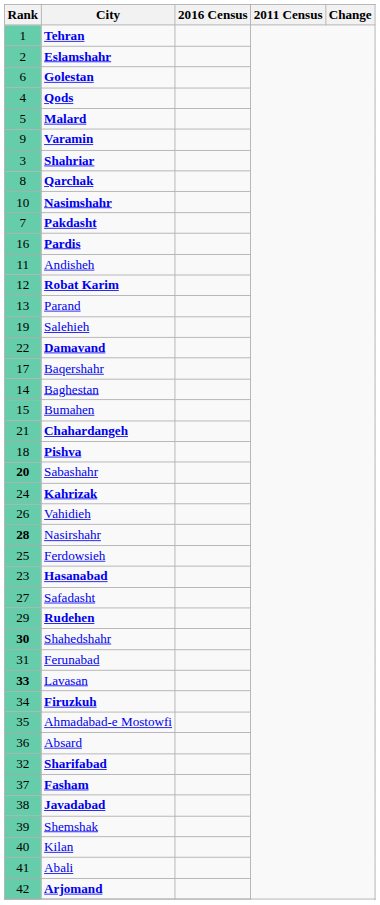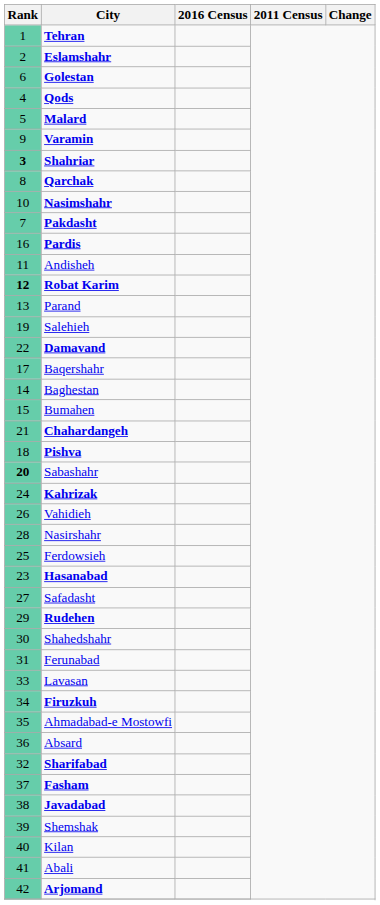 <table class="wikitable sortable">
 <tr>
 <th>Rank</th>
 <th>City</th>
 <th>2016 Census</th>
 <th>2011 Census</th>
 <th>Change</th>
 </tr>
 <tr>
 <td align=center bgcolor="66CDAA">1</td>
 <td><strong><a href='#'>Tehran</a></strong></td>
 <td></td>
 </tr>
 <tr>
 <td align=center bgcolor="66CDAA">2</td>
 <td><strong><a href='#'>Eslamshahr</a></strong></td>
 <td></td>
 </tr>
 <tr>
 <td align=center bgcolor="66CDAA">6</td>
 <td><strong><a href='#'>Golestan</a></strong></td>
 <td></td>
 </tr>
 <tr>
 <td align=center bgcolor="66CDAA">4</td>
 <td><strong><a href='#'>Qods</a></strong></td>
 <td></td>
 </tr>
 <tr>
 <td align=center bgcolor="66CDAA">5</td>
 <td><strong><a href='#'>Malard</a></strong></td>
 <td></td>
 </tr>
 <tr>
 <td align=center bgcolor="66CDAA">9</td>
 <td><strong><a href='#'>Varamin</a></strong></td>
 <td></td>
 </tr>
 <tr>
-<td align=center bgcolor="66CDAA">3</td>
+<td align=center bgcolor="66CDAA"><strong>3</strong></td>
 <td><strong><a href='#'>Shahriar</a></strong></td>
 <td></td>
 </tr>
 <tr>
 <td align=center bgcolor="66CDAA">8</td>
 <td><strong><a href='#'>Qarchak</a></strong></td>
 <td></td>
 </tr>
 <tr>
 <td align=center bgcolor="66CDAA">10</td>
 <td><strong><a href='#'>Nasimshahr</a></strong></td>
 <td></td>
 </tr>
 <tr>
 <td align=center bgcolor="66CDAA">7</td>
 <td><strong><a href='#'>Pakdasht</a></strong></td>
 <td></td>
 </tr>
 <tr>
 <td align=center bgcolor="66CDAA">16</td>
 <td><strong><a href='#'>Pardis</a></strong></td>
 <td></td>
 </tr>
 <tr>
 <td align=center bgcolor="66CDAA">11</td>
 <td><a href='#'>Andisheh</a></td>
 <td></td>
 </tr>
 <tr>
-<td align=center bgcolor="66CDAA">12</td>
+<td align=center bgcolor="66CDAA"><strong>12</strong></td>
 <td><strong><a href='#'>Robat Karim</a></strong></td>
 <td></td>
 </tr>
 <tr>
 <td align=center bgcolor="66CDAA">13</td>
 <td><a href='#'>Parand</a></td>
 <td></td>
 </tr>
 <tr>
 <td align=center bgcolor="66CDAA">19</td>
 <td><a href='#'>Salehieh</a></td>
 <td></td>
 </tr>
 <tr>
 <td align=center bgcolor="66CDAA">22</td>
 <td><strong><a href='#'>Damavand</a></strong></td>
 <td></td>
 </tr>
 <tr>
 <td align=center bgcolor="66CDAA">17</td>
 <td><a href='#'>Baqershahr</a></td>
 <td></td>
 </tr>
 <tr>
 <td align=center bgcolor="66CDAA">14</td>
 <td><a href='#'>Baghestan</a></td>
 <td></td>
 </tr>
 <tr>
 <td align=center bgcolor="66CDAA">15</td>
 <td><a href='#'>Bumahen</a></td>
 <td></td>
 </tr>
 <tr>
 <td align=center bgcolor="66CDAA">21</td>
 <td><strong><a href='#'>Chahardangeh</a></strong></td>
 <td></td>
 </tr>
 <tr>
 <td align=center bgcolor="66CDAA">18</td>
 <td><strong><a href='#'>Pishva</a></strong></td>
 <td></td>
 </tr>
 <tr>
 <td align=center bgcolor="66CDAA"><strong>20</strong></td>
 <td><a href='#'>Sabashahr</a></td>
 <td></td>
 </tr>
 <tr>
 <td align=center bgcolor="66CDAA">24</td>
 <td><strong><a href='#'>Kahrizak</a></strong></td>
 <td></td>
 </tr>
 <tr>
 <td align=center bgcolor="66CDAA">26</td>
 <td><a href='#'>Vahidieh</a></td>
 <td></td>
 </tr>
 <tr>
-<td align=center bgcolor="66CDAA"><strong>28</strong></td>
+<td align=center bgcolor="66CDAA">28</td>
 <td><a href='#'>Nasirshahr</a></td>
 <td></td>
 </tr>
 <tr>
 <td align=center bgcolor="66CDAA">25</td>
 <td><a href='#'>Ferdowsieh</a></td>
 <td></td>
 </tr>
 <tr>
 <td align=center bgcolor="66CDAA">23</td>
 <td><strong><a href='#'>Hasanabad</a></strong></td>
 <td></td>
 </tr>
 <tr>
 <td align=center bgcolor="66CDAA">27</td>
 <td><a href='#'>Safadasht</a></td>
 <td></td>
 </tr>
 <tr>
 <td align=center bgcolor="66CDAA">29</td>
 <td><strong><a href='#'>Rudehen</a></strong></td>
 <td></td>
 </tr>
 <tr>
-<td align=center bgcolor="66CDAA"><strong>30</strong></td>
+<td align=center bgcolor="66CDAA">30</td>
 <td><a href='#'>Shahedshahr</a></td>
 <td></td>
 </tr>
 <tr>
 <td align=center bgcolor="66CDAA">31</td>
 <td><a href='#'>Ferunabad</a></td>
 <td></td>
 </tr>
 <tr>
-<td align=center bgcolor="66CDAA"><strong>33</strong></td>
+<td align=center bgcolor="66CDAA">33</td>
 <td><a href='#'>Lavasan</a></td>
 <td></td>
 </tr>
 <tr>
 <td align=center bgcolor="66CDAA">34</td>
 <td><strong><a href='#'>Firuzkuh</a></strong></td>
 <td></td>
 </tr>
 <tr>
 <td align=center bgcolor="66CDAA">35</td>
 <td><a href='#'>Ahmadabad-e Mostowfi</a></td>
 <td></td>
 </tr>
 <tr>
 <td align=center bgcolor="66CDAA">36</td>
 <td><a href='#'>Absard</a></td>
 <td></td>
 </tr>
 <tr>
 <td align=center bgcolor="66CDAA">32</td>
 <td><strong><a href='#'>Sharifabad</a></strong></td>
 <td></td>
 </tr>
 <tr>
 <td align=center bgcolor="66CDAA">37</td>
 <td><strong><a href='#'>Fasham</a></strong></td>
 <td></td>
 </tr>
 <tr>
 <td align=center bgcolor="66CDAA">38</td>
 <td><strong><a href='#'>Javadabad</a></strong></td>
 <td></td>
 </tr>
 <tr>
 <td align=center bgcolor="66CDAA">39</td>
 <td><a href='#'>Shemshak</a></td>
 <td></td>
 </tr>
 <tr>
 <td align=center bgcolor="66CDAA">40</td>
 <td><a href='#'>Kilan</a></td>
 <td></td>
 </tr>
 <tr>
 <td align=center bgcolor="66CDAA">41</td>
 <td><a href='#'>Abali</a></td>
 <td></td>
 </tr>
 <tr>
 <td align=center bgcolor="66CDAA">42</td>
 <td><strong><a href='#'>Arjomand</a></strong></td>
 <td></td>
 </tr>
 <tr>
 </tr>
 </table>
